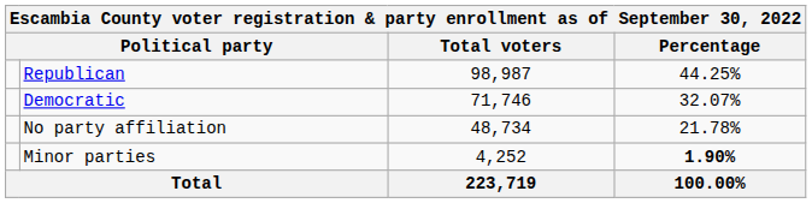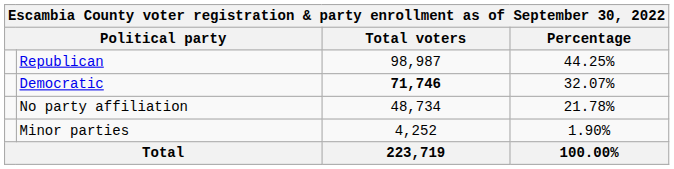 <table class=wikitable>
 <tr>
 <th colspan = 6>Escambia County voter registration & party enrollment as of September 30, 2022</th>
 </tr>
 <tr>
 <th colspan = 2>Political party</th>
 <th>Total voters</th>
 <th>Percentage</th>
 </tr>
 <tr>
 <td></td>
 <td><a href='#'>Republican</a></td>
 <td style="text-align:center;">98,987</td>
 <td style="text-align:center;">44.25%</td>
 </tr>
 <tr>
 <td></td>
 <td><a href='#'>Democratic</a></td>
-<td style="text-align:center;">71,746</td>
+<td style="text-align:center;"><strong>71,746</strong></td>
 <td style="text-align:center;">32.07%</td>
 </tr>
 <tr>
 <td></td>
 <td>No party affiliation</td>
 <td style="text-align:center;">48,734</td>
 <td style="text-align:center;">21.78%</td>
 </tr>
 <tr>
 <td></td>
 <td>Minor parties</td>
 <td style="text-align:center;">4,252</td>
-<td style="text-align:center;"><strong>1.90%</strong></td>
+<td style="text-align:center;">1.90%</td>
 </tr>
 <tr>
 <th colspan = 2>Total</th>
 <th style="text-align:center;">223,719</th>
 <th style="text-align:center;">100.00%</th>
 </tr>
 </table>
